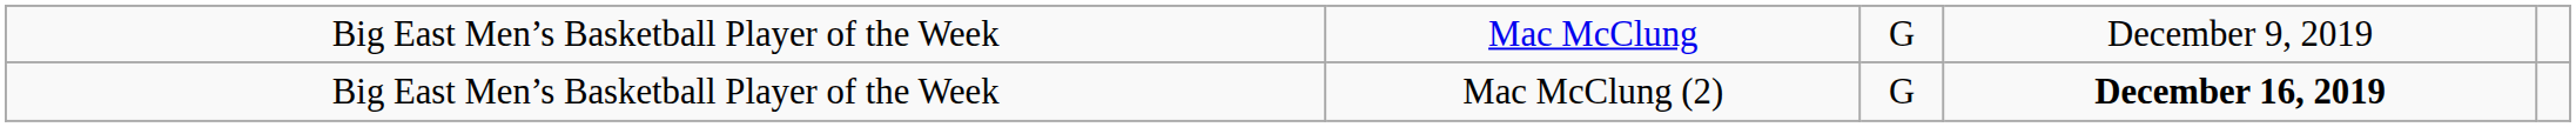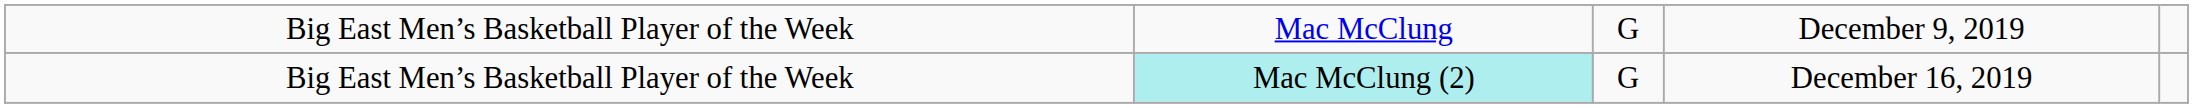 <table class="wikitable" style="width: 90%;text-align: center;">
 <tr align="center">
 <td rowspan="1">Big East Men’s Basketball Player of the Week</td>
 <td><a href='#'>Mac McClung</a></td>
 <td>G</td>
 <td>December 9, 2019</td>
 <td></td>
 </tr>
 <tr align="center">
 <td rowspan="1">Big East Men’s Basketball Player of the Week</td>
-<td>Mac McClung (2)</td>
+<td style="background: paleturquoise;">Mac McClung (2)</td>
 <td>G</td>
-<td><strong>December 16, 2019</strong></td>
+<td>December 16, 2019</td>
 <td></td>
 </tr>
 </table>
